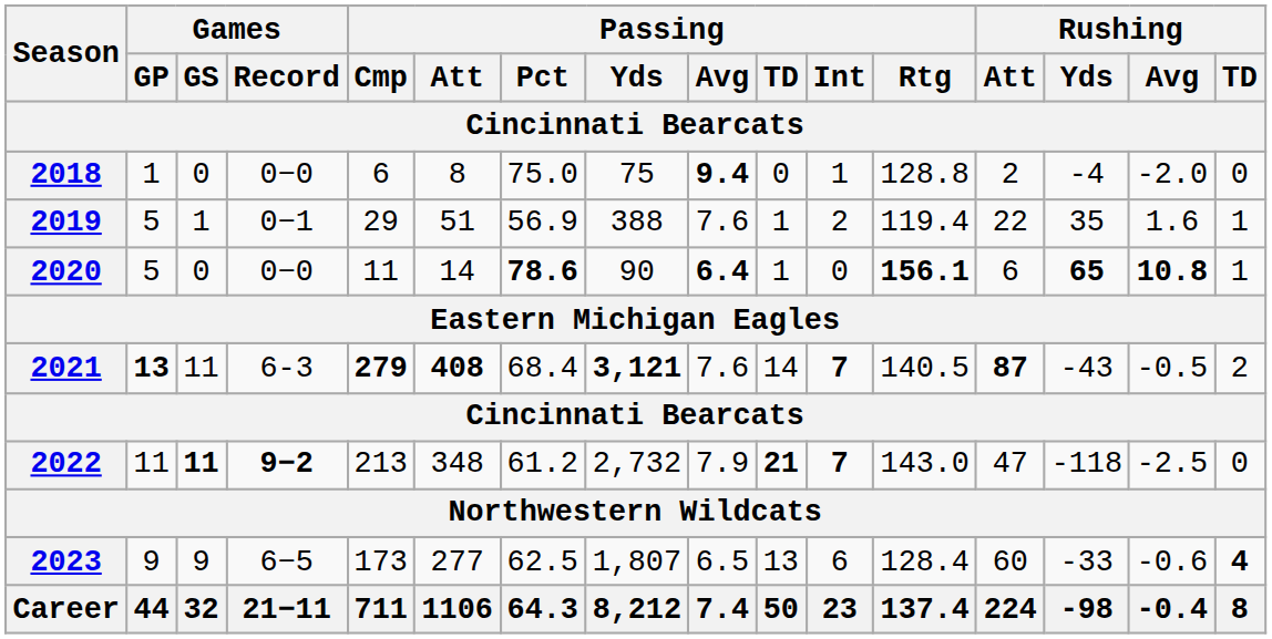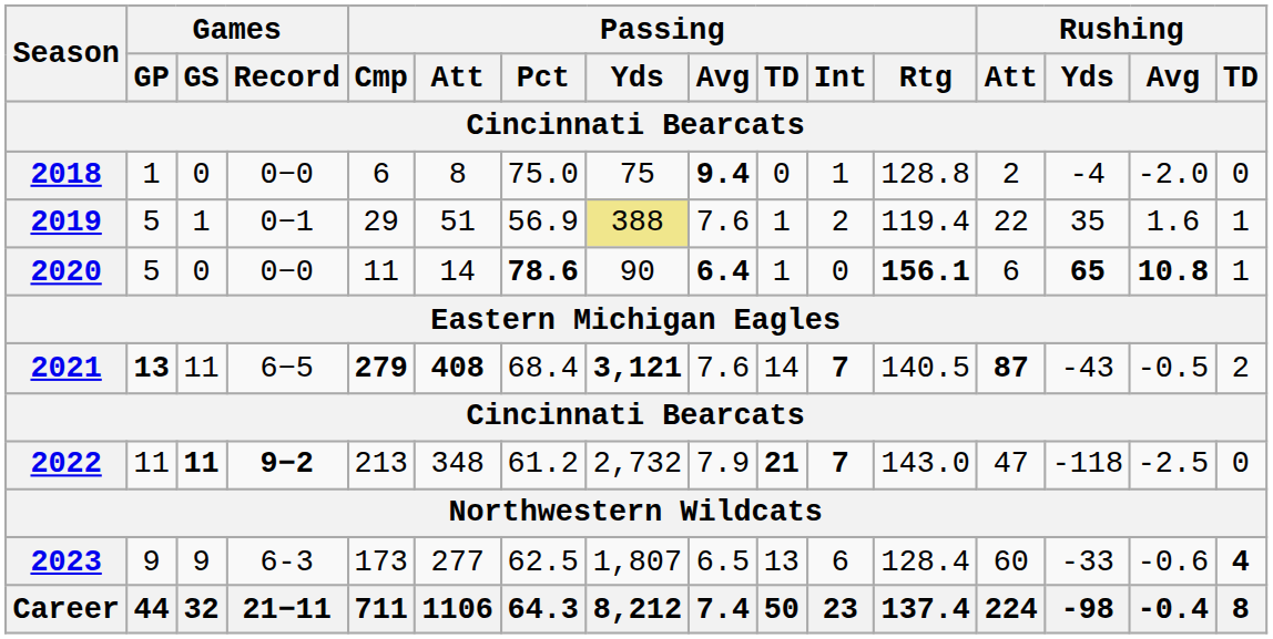 <table class="wikitable" style="text-align:center;">
 <tr>
 <th rowspan="2">Season</th>
 <th colspan="3">Games</th>
 <th colspan="8">Passing</th>
 <th colspan="5">Rushing</th>
 </tr>
 <tr>
 <th>GP</th>
 <th>GS</th>
 <th>Record</th>
 <th>Cmp</th>
 <th>Att</th>
 <th>Pct</th>
 <th>Yds</th>
 <th>Avg</th>
 <th>TD</th>
 <th>Int</th>
 <th>Rtg</th>
 <th>Att</th>
 <th>Yds</th>
 <th>Avg</th>
 <th>TD</th>
 </tr>
 <tr>
 <th colspan="16">Cincinnati Bearcats</th>
 </tr>
 <tr>
 <th><a href='#'>2018</a></th>
 <td>1</td>
 <td>0</td>
 <td>0−0</td>
 <td>6</td>
 <td>8</td>
 <td>75.0</td>
 <td>75</td>
 <td><strong>9.4</strong></td>
 <td>0</td>
 <td>1</td>
 <td>128.8</td>
 <td>2</td>
 <td>-4</td>
 <td>-2.0</td>
 <td>0</td>
 </tr>
 <tr>
 <th><a href='#'>2019</a></th>
 <td>5</td>
 <td>1</td>
 <td>0−1</td>
 <td>29</td>
 <td>51</td>
 <td>56.9</td>
-<td>388</td>
+<td style="background: khaki;">388</td>
 <td>7.6</td>
 <td>1</td>
 <td>2</td>
 <td>119.4</td>
 <td>22</td>
 <td>35</td>
 <td>1.6</td>
 <td>1</td>
 </tr>
 <tr>
 <th><a href='#'>2020</a></th>
 <td>5</td>
 <td>0</td>
 <td>0−0</td>
 <td>11</td>
 <td>14</td>
 <td><strong>78.6</strong></td>
 <td>90</td>
 <td><strong>6.4</strong></td>
 <td>1</td>
 <td>0</td>
 <td><strong>156.1</strong></td>
 <td>6</td>
 <td><strong>65</strong></td>
 <td><strong>10.8</strong></td>
 <td>1</td>
 </tr>
 <tr>
 <th colspan="16">Eastern Michigan Eagles</th>
 </tr>
 <tr>
 <th><a href='#'>2021</a></th>
 <td><strong>13</strong></td>
 <td>11</td>
-<td>6-3</td>
+<td>6−5</td>
 <td><strong>279</strong></td>
 <td><strong>408</strong></td>
 <td>68.4</td>
 <td><strong>3,121</strong></td>
 <td>7.6</td>
 <td>14</td>
 <td><strong>7</strong></td>
 <td>140.5</td>
 <td><strong>87</strong></td>
 <td>-43</td>
 <td>-0.5</td>
 <td>2</td>
 </tr>
 <tr>
 <th colspan="16">Cincinnati Bearcats</th>
 </tr>
 <tr>
 <th><a href='#'>2022</a></th>
 <td>11</td>
 <td><strong>11</strong></td>
 <td><strong>9−2</strong></td>
 <td>213</td>
 <td>348</td>
 <td>61.2</td>
 <td>2,732</td>
 <td>7.9</td>
 <td><strong>21</strong></td>
 <td><strong>7</strong></td>
 <td>143.0</td>
 <td>47</td>
 <td>-118</td>
 <td>-2.5</td>
 <td>0</td>
 </tr>
 <tr>
 <th colspan="16">Northwestern Wildcats</th>
 </tr>
 <tr>
 <th><a href='#'>2023</a></th>
 <td>9</td>
 <td>9</td>
-<td>6−5</td>
+<td>6-3</td>
 <td>173</td>
 <td>277</td>
 <td>62.5</td>
 <td>1,807</td>
 <td>6.5</td>
 <td>13</td>
 <td>6</td>
 <td>128.4</td>
 <td>60</td>
 <td>-33</td>
 <td>-0.6</td>
 <td><strong>4</strong></td>
 </tr>
 <tr>
 <th>Career</th>
 <th>44</th>
 <th>32</th>
 <th>21−11</th>
 <th>711</th>
 <th>1106</th>
 <th>64.3</th>
 <th>8,212</th>
 <th>7.4</th>
 <th>50</th>
 <th>23</th>
 <th>137.4</th>
 <th>224</th>
 <th>-98</th>
 <th>-0.4</th>
 <th>8</th>
 </tr>
 </table>
